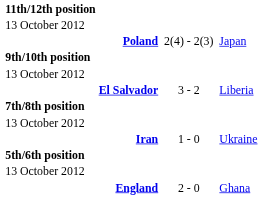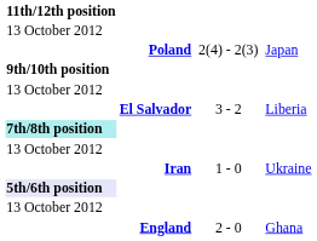 <table>
 <tr>
 <td><strong>11th/12th position</strong></td>
 </tr>
 <tr>
 <td>13 October 2012</td>
 </tr>
 <tr>
 <td></td>
 <td align=right><strong><a href='#'>Poland</a></strong></td>
 <td></td>
 <td align=center>2(4) - 2(3)</td>
 <td></td>
 <td><a href='#'>Japan</a></td>
 </tr>
 <tr>
 <td><strong>9th/10th position</strong></td>
 </tr>
 <tr>
 <td>13 October 2012</td>
 </tr>
 <tr>
 <td></td>
 <td align=right><strong><a href='#'>El Salvador</a></strong></td>
 <td></td>
 <td align=center>3 - 2</td>
 <td></td>
 <td><a href='#'>Liberia</a></td>
 </tr>
 <tr>
-<td><strong>7th/8th position</strong></td>
+<td style="background: paleturquoise;"><strong>7th/8th position</strong></td>
 </tr>
 <tr>
 <td>13 October 2012</td>
 </tr>
 <tr>
 <td></td>
 <td align=right><strong><a href='#'>Iran</a></strong></td>
 <td></td>
 <td align=center>1 - 0</td>
 <td></td>
 <td><a href='#'>Ukraine</a></td>
 </tr>
 <tr>
-<td><strong>5th/6th position</strong></td>
+<td style="background: lavender;"><strong>5th/6th position</strong></td>
 </tr>
 <tr>
 <td>13 October 2012</td>
 </tr>
 <tr>
 <td></td>
 <td align=right><strong><a href='#'>England</a></strong></td>
 <td></td>
 <td align=center>2 - 0</td>
 <td></td>
 <td><a href='#'>Ghana</a></td>
 </tr>
 </table>
